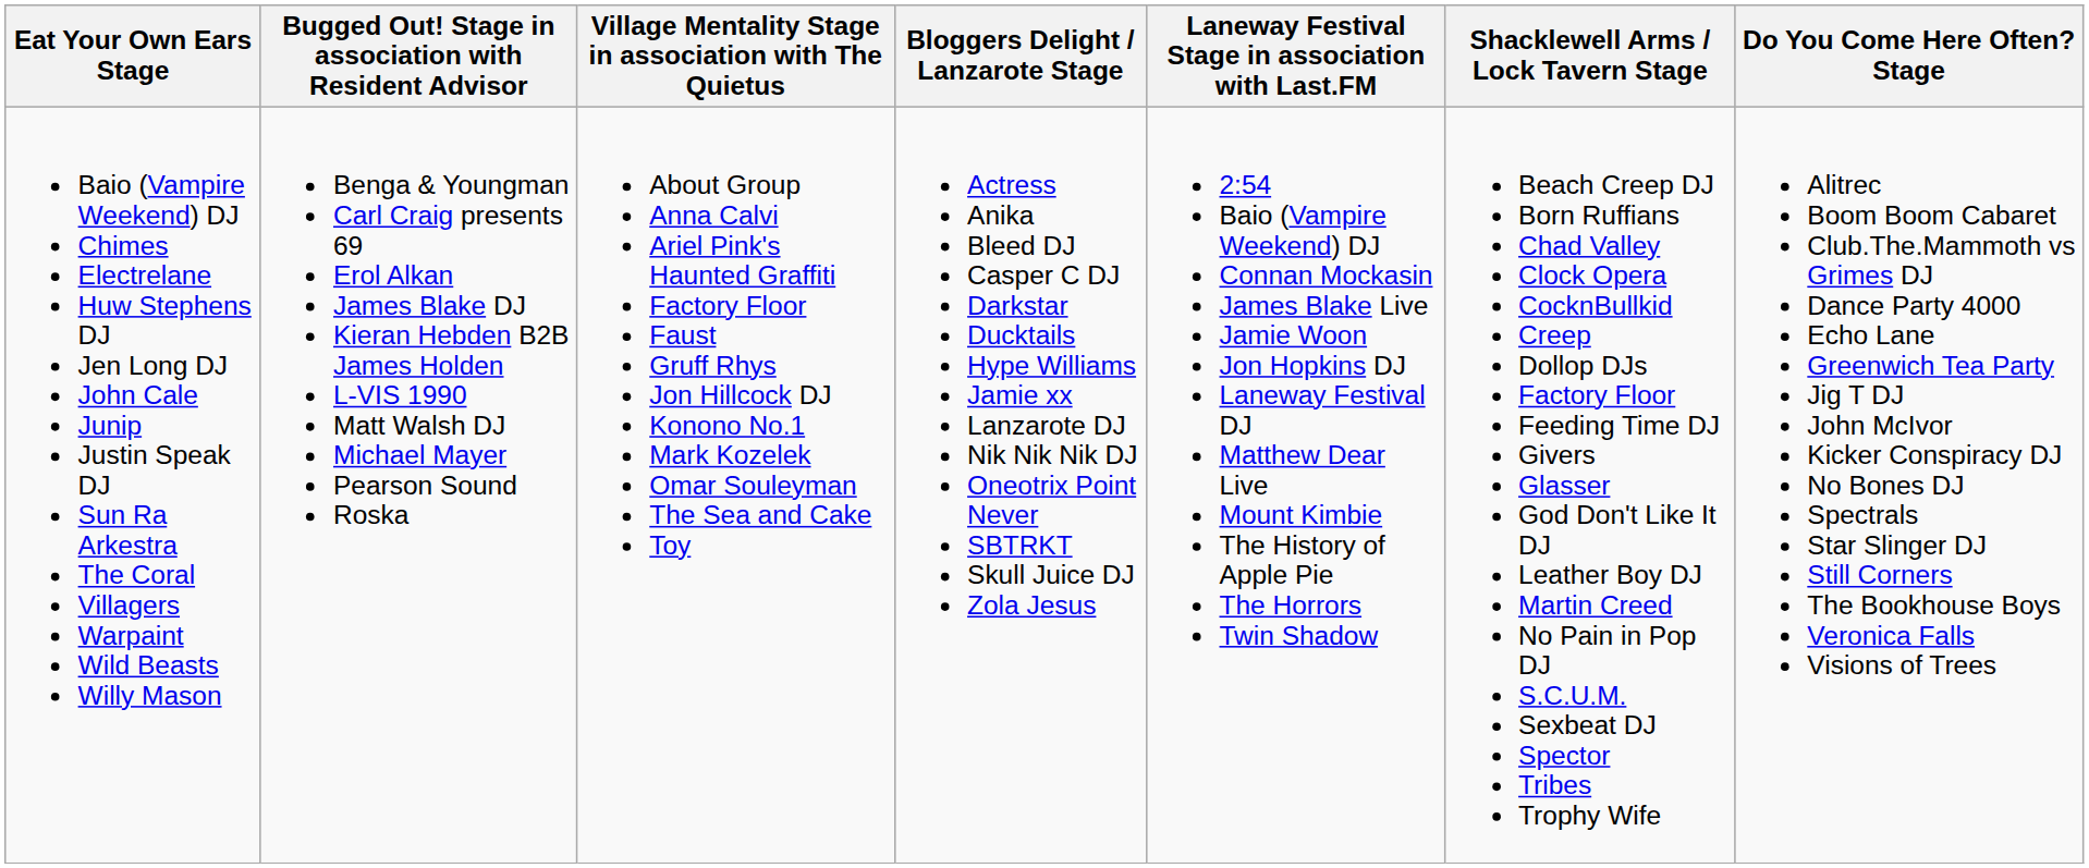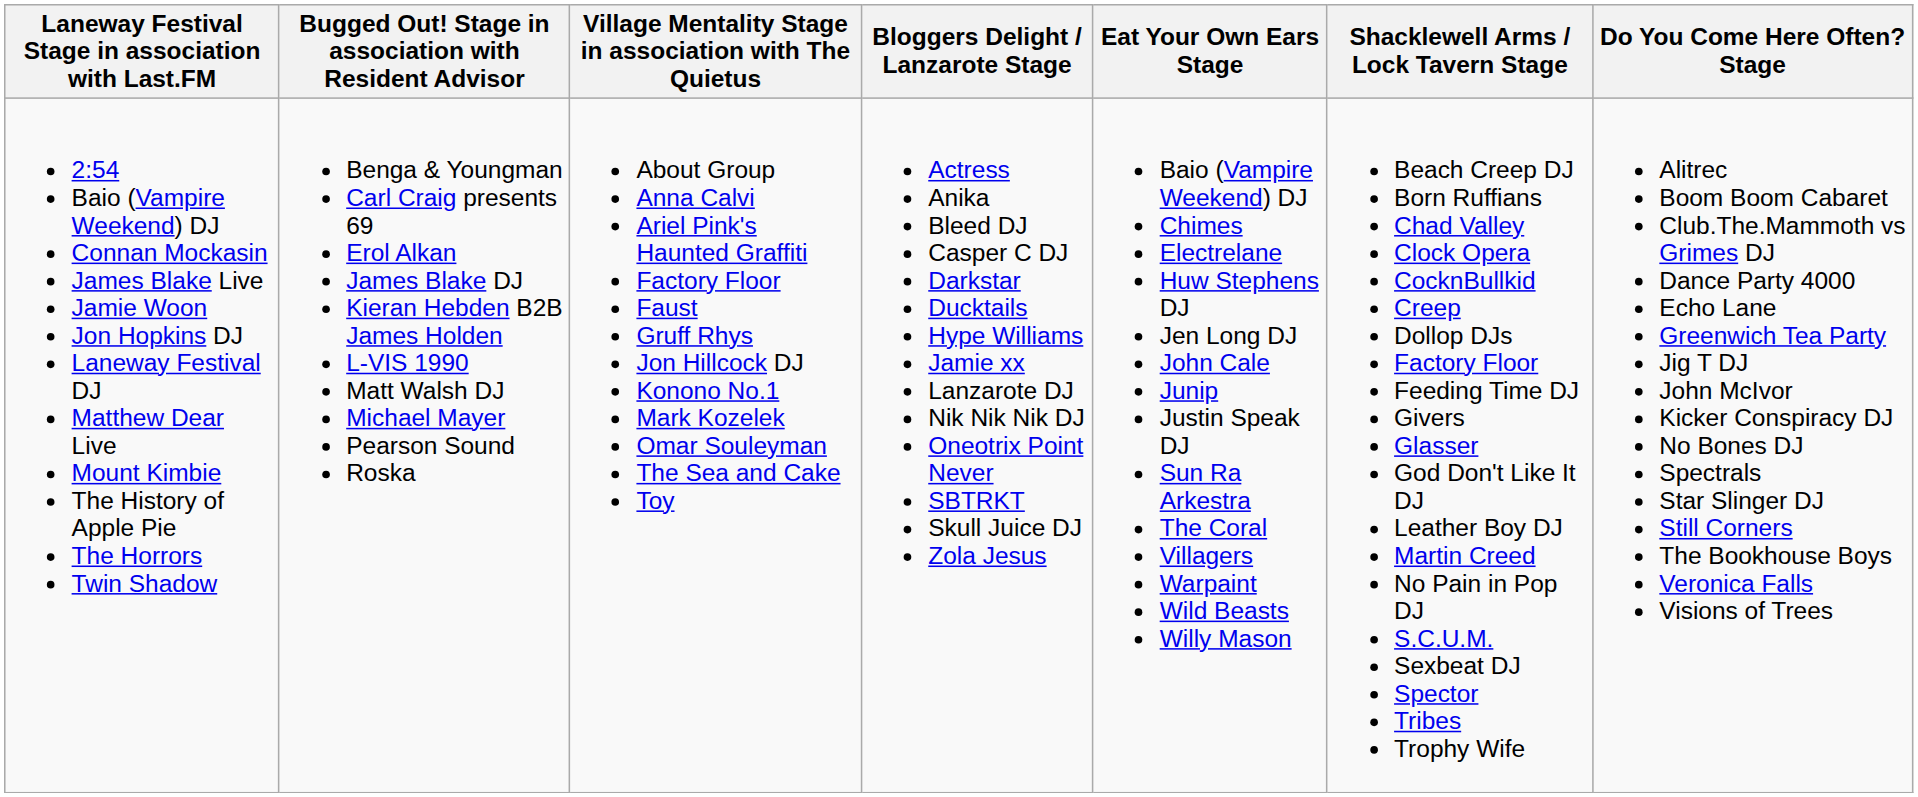 <table class="wikitable">
 <tr>
-<th>Eat Your Own Ears Stage</th>
+<th>Laneway Festival Stage in association with Last.FM</th>
 <th>Bugged Out! Stage in association with Resident Advisor</th>
 <th>Village Mentality Stage in association with The Quietus</th>
 <th>Bloggers Delight / Lanzarote Stage</th>
-<th>Laneway Festival Stage in association with Last.FM</th>
+<th>Eat Your Own Ears Stage</th>
 <th>Shacklewell Arms / Lock Tavern Stage</th>
 <th>Do You Come Here Often? Stage</th>
 </tr>
 <tr valign="top">
-<td><br><ul><li>Baio (<a href='#'>Vampire Weekend</a>) DJ</li><li><a href='#'>Chimes</a></li><li><a href='#'>Electrelane</a></li><li><a href='#'>Huw Stephens</a> DJ</li><li>Jen Long DJ</li><li><a href='#'>John Cale</a></li><li><a href='#'>Junip</a></li><li>Justin Speak DJ</li><li><a href='#'>Sun Ra Arkestra</a></li><li><a href='#'>The Coral</a></li><li><a href='#'>Villagers</a></li><li><a href='#'>Warpaint</a></li><li><a href='#'>Wild Beasts</a></li><li><a href='#'>Willy Mason</a></li></ul></td>
+<td><br><ul><li><a href='#'>2:54</a></li><li>Baio (<a href='#'>Vampire Weekend</a>) DJ</li><li><a href='#'>Connan Mockasin</a></li><li><a href='#'>James Blake</a> Live</li><li><a href='#'>Jamie Woon</a></li><li><a href='#'>Jon Hopkins</a> DJ</li><li><a href='#'>Laneway Festival</a> DJ</li><li><a href='#'>Matthew Dear</a> Live</li><li><a href='#'>Mount Kimbie</a></li><li>The History of Apple Pie</li><li><a href='#'>The Horrors</a></li><li><a href='#'>Twin Shadow</a></li></ul></td>
 <td><br><ul><li>Benga & Youngman</li><li><a href='#'>Carl Craig</a> presents 69</li><li><a href='#'>Erol Alkan</a></li><li><a href='#'>James Blake</a> DJ</li><li><a href='#'>Kieran Hebden</a> B2B <a href='#'>James Holden</a></li><li><a href='#'>L-VIS 1990</a></li><li>Matt Walsh DJ</li><li><a href='#'>Michael Mayer</a></li><li>Pearson Sound</li><li>Roska</li></ul></td>
 <td><br><ul><li>About Group</li><li><a href='#'>Anna Calvi</a></li><li><a href='#'>Ariel Pink's Haunted Graffiti</a></li><li><a href='#'>Factory Floor</a></li><li><a href='#'>Faust</a></li><li><a href='#'>Gruff Rhys</a></li><li><a href='#'>Jon Hillcock</a> DJ</li><li><a href='#'>Konono No.1</a></li><li><a href='#'>Mark Kozelek</a></li><li><a href='#'>Omar Souleyman</a></li><li><a href='#'>The Sea and Cake</a></li><li><a href='#'>Toy</a></li></ul></td>
 <td><br><ul><li><a href='#'>Actress</a></li><li>Anika</li><li>Bleed DJ</li><li>Casper C DJ</li><li><a href='#'>Darkstar</a></li><li><a href='#'>Ducktails</a></li><li><a href='#'>Hype Williams</a></li><li><a href='#'>Jamie xx</a></li><li>Lanzarote DJ</li><li>Nik Nik Nik DJ</li><li><a href='#'>Oneotrix Point Never</a></li><li><a href='#'>SBTRKT</a></li><li>Skull Juice DJ</li><li><a href='#'>Zola Jesus</a></li></ul></td>
-<td><br><ul><li><a href='#'>2:54</a></li><li>Baio (<a href='#'>Vampire Weekend</a>) DJ</li><li><a href='#'>Connan Mockasin</a></li><li><a href='#'>James Blake</a> Live</li><li><a href='#'>Jamie Woon</a></li><li><a href='#'>Jon Hopkins</a> DJ</li><li><a href='#'>Laneway Festival</a> DJ</li><li><a href='#'>Matthew Dear</a> Live</li><li><a href='#'>Mount Kimbie</a></li><li>The History of Apple Pie</li><li><a href='#'>The Horrors</a></li><li><a href='#'>Twin Shadow</a></li></ul></td>
+<td><br><ul><li>Baio (<a href='#'>Vampire Weekend</a>) DJ</li><li><a href='#'>Chimes</a></li><li><a href='#'>Electrelane</a></li><li><a href='#'>Huw Stephens</a> DJ</li><li>Jen Long DJ</li><li><a href='#'>John Cale</a></li><li><a href='#'>Junip</a></li><li>Justin Speak DJ</li><li><a href='#'>Sun Ra Arkestra</a></li><li><a href='#'>The Coral</a></li><li><a href='#'>Villagers</a></li><li><a href='#'>Warpaint</a></li><li><a href='#'>Wild Beasts</a></li><li><a href='#'>Willy Mason</a></li></ul></td>
 <td><br><ul><li>Beach Creep DJ</li><li>Born Ruffians</li><li><a href='#'>Chad Valley</a></li><li><a href='#'>Clock Opera</a></li><li><a href='#'>CocknBullkid</a></li><li><a href='#'>Creep</a></li><li>Dollop DJs</li><li><a href='#'>Factory Floor</a></li><li>Feeding Time DJ</li><li>Givers</li><li><a href='#'>Glasser</a></li><li>God Don't Like It DJ</li><li>Leather Boy DJ</li><li><a href='#'>Martin Creed</a></li><li>No Pain in Pop DJ</li><li><a href='#'>S.C.U.M.</a></li><li>Sexbeat DJ</li><li><a href='#'>Spector</a></li><li><a href='#'>Tribes</a></li><li>Trophy Wife</li></ul></td>
 <td><br><ul><li>Alitrec</li><li>Boom Boom Cabaret</li><li>Club.The.Mammoth vs <a href='#'>Grimes</a> DJ</li><li>Dance Party 4000</li><li>Echo Lane</li><li><a href='#'>Greenwich Tea Party</a></li><li>Jig T DJ</li><li>John McIvor</li><li>Kicker Conspiracy DJ</li><li>No Bones DJ</li><li>Spectrals</li><li>Star Slinger DJ</li><li><a href='#'>Still Corners</a></li><li>The Bookhouse Boys</li><li><a href='#'>Veronica Falls</a></li><li>Visions of Trees</li></ul></td>
 </tr>
 </table>
